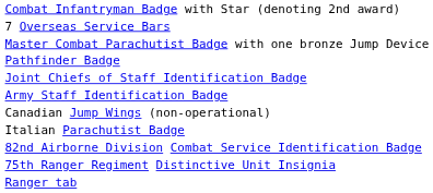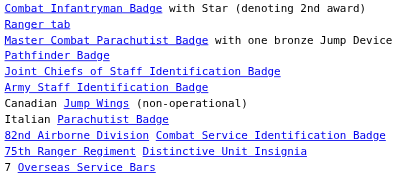 <table>
 <tr>
 <td> <a href='#'>Combat Infantryman Badge</a> with Star (denoting 2nd award)</td>
 </tr>
 <tr>
-<td> 7 <a href='#'>Overseas Service Bars</a></td>
+<td> <a href='#'>Ranger tab</a></td>
 </tr>
 <tr>
 <td> <a href='#'>Master Combat Parachutist Badge</a> with one bronze Jump Device</td>
 </tr>
 <tr>
 <td> <a href='#'>Pathfinder Badge</a></td>
 </tr>
 <tr>
 <td> <a href='#'>Joint Chiefs of Staff Identification Badge</a></td>
 </tr>
 <tr>
 <td> <a href='#'>Army Staff Identification Badge</a></td>
 </tr>
 <tr>
 <td> Canadian <a href='#'>Jump Wings</a> (non-operational)</td>
 </tr>
 <tr>
 <td> Italian <a href='#'>Parachutist Badge</a></td>
 </tr>
 <tr>
 <td> <a href='#'>82nd Airborne Division</a> <a href='#'>Combat Service Identification Badge</a></td>
 </tr>
 <tr>
 <td> <a href='#'>75th Ranger Regiment</a> <a href='#'>Distinctive Unit Insignia</a></td>
 </tr>
 <tr>
-<td> <a href='#'>Ranger tab</a></td>
+<td> 7 <a href='#'>Overseas Service Bars</a></td>
 </tr>
 </table>
